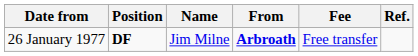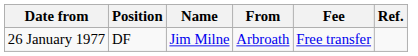 <table class="wikitable">
 <tr>
 <th>Date from</th>
 <th>Position</th>
 <th>Name</th>
 <th>From</th>
 <th>Fee</th>
 <th>Ref.</th>
 </tr>
 <tr>
 <td rowspan="2">26 January 1977</td>
-<td><strong>DF</strong></td>
+<td>DF</td>
 <td><a href='#'>Jim Milne</a></td>
-<td><strong> <a href='#'>Arbroath</a></strong></td>
+<td> <a href='#'>Arbroath</a></td>
 <td><a href='#'>Free transfer</a></td>
 <td></td>
 </tr>
 </table>
